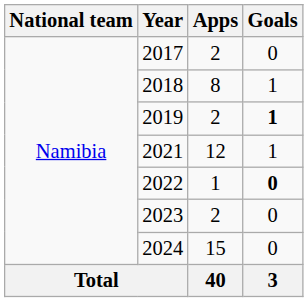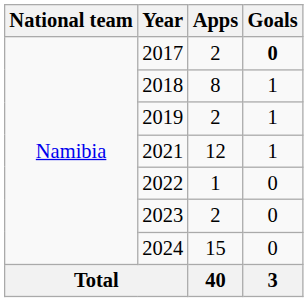 <table class=wikitable style=text-align:center>
 <tr>
 <th>National team</th>
 <th>Year</th>
 <th>Apps</th>
 <th>Goals</th>
 </tr>
 <tr>
 <td rowspan=7><a href='#'>Namibia</a></td>
 <td>2017</td>
 <td>2</td>
-<td>0</td>
+<td><strong>0</strong></td>
 </tr>
 <tr>
 <td>2018</td>
 <td>8</td>
 <td>1</td>
 </tr>
 <tr>
 <td>2019</td>
 <td>2</td>
-<td><strong>1</strong></td>
+<td>1</td>
 </tr>
 <tr>
 <td>2021</td>
 <td>12</td>
 <td>1</td>
 </tr>
 <tr>
 <td>2022</td>
 <td>1</td>
-<td><strong>0</strong></td>
+<td>0</td>
 </tr>
 <tr>
 <td>2023</td>
 <td>2</td>
 <td>0</td>
 </tr>
 <tr>
 <td>2024</td>
 <td>15</td>
 <td>0</td>
 </tr>
 <tr>
 <th colspan=2>Total</th>
 <th>40</th>
 <th>3</th>
 </tr>
 </table>
